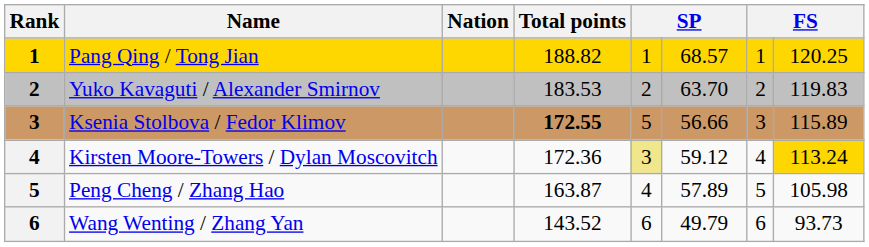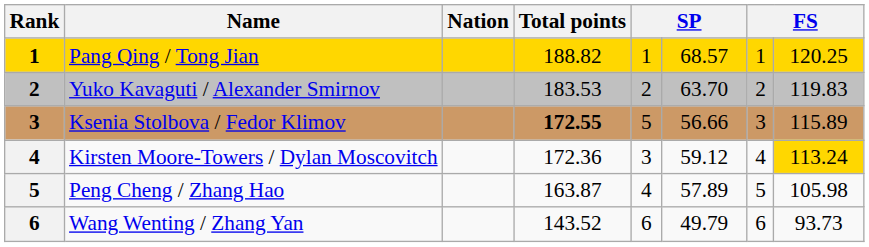 <table class="wikitable sortable">
 <tr>
 <th>Rank</th>
 <th>Name</th>
 <th>Nation</th>
 <th>Total points</th>
 <th colspan="2" width="80px" align="center"><strong><a href='#'>SP</a></strong></th>
 <th colspan="2" width="80px" align="center"><strong><a href='#'>FS</a></strong></th>
 </tr>
 <tr bgcolor="gold">
 <td align="center"><strong>1</strong></td>
 <td><a href='#'>Pang Qing</a> / <a href='#'>Tong Jian</a></td>
 <td></td>
 <td align="center">188.82</td>
 <td align="center">1</td>
 <td align="center">68.57</td>
 <td align="center">1</td>
 <td align="center">120.25</td>
 </tr>
 <tr bgcolor="silver">
 <td align="center"><strong>2</strong></td>
 <td><a href='#'>Yuko Kavaguti</a> / <a href='#'>Alexander Smirnov</a></td>
 <td></td>
 <td align="center">183.53</td>
 <td align="center">2</td>
 <td align="center">63.70</td>
 <td align="center">2</td>
 <td align="center">119.83</td>
 </tr>
 <tr bgcolor="cc9966">
 <td align="center"><strong>3</strong></td>
 <td><a href='#'>Ksenia Stolbova</a> / <a href='#'>Fedor Klimov</a></td>
 <td></td>
 <td align="center"><strong>172.55</strong></td>
 <td align="center">5</td>
 <td align="center">56.66</td>
 <td align="center">3</td>
 <td align="center">115.89</td>
 </tr>
 <tr>
 <th>4</th>
 <td><a href='#'>Kirsten Moore-Towers</a> / <a href='#'>Dylan Moscovitch</a></td>
 <td></td>
 <td align="center">172.36</td>
-<td align="center" style="background: khaki;">3</td>
+<td align="center">3</td>
 <td align="center">59.12</td>
 <td align="center">4</td>
 <td align="center" style="background: gold;">113.24</td>
 </tr>
 <tr>
 <th>5</th>
 <td><a href='#'>Peng Cheng</a> / <a href='#'>Zhang Hao</a></td>
 <td></td>
 <td align="center">163.87</td>
 <td align="center">4</td>
 <td align="center">57.89</td>
 <td align="center">5</td>
 <td align="center">105.98</td>
 </tr>
 <tr>
 <th>6</th>
 <td><a href='#'>Wang Wenting</a> / <a href='#'>Zhang Yan</a></td>
 <td></td>
 <td align="center">143.52</td>
 <td align="center">6</td>
 <td align="center">49.79</td>
 <td align="center">6</td>
 <td align="center">93.73</td>
 </tr>
 </table>
